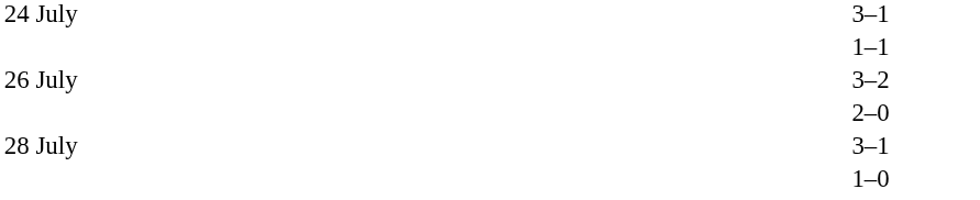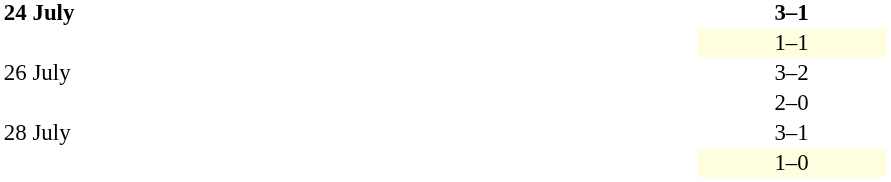 <table cellspacing=1 width=70%>
 <tr>
 <th width=25%></th>
 <th width=30%></th>
 <th width=15%></th>
 <th width=30%></th>
 </tr>
 <tr>
-<td>24 July</td>
+<td><strong>24 July</strong></td>
 <td align=right></td>
-<td align=center>3–1</td>
+<td align=center><strong>3–1</strong></td>
 <td></td>
 </tr>
 <tr>
 <td></td>
 <td align=right></td>
-<td align=center>1–1</td>
+<td align=center style="background: lightyellow;">1–1</td>
 <td></td>
 </tr>
 <tr>
 <td>26 July</td>
 <td align=right></td>
 <td align=center>3–2</td>
 <td></td>
 </tr>
 <tr>
 <td></td>
 <td align=right></td>
 <td align=center>2–0</td>
 <td></td>
 </tr>
 <tr>
 <td>28 July</td>
 <td align=right></td>
 <td align=center>3–1</td>
 <td></td>
 </tr>
 <tr>
 <td></td>
 <td align=right></td>
-<td align=center>1–0</td>
+<td align=center style="background: lightyellow;">1–0</td>
 <td></td>
 </tr>
 </table>
